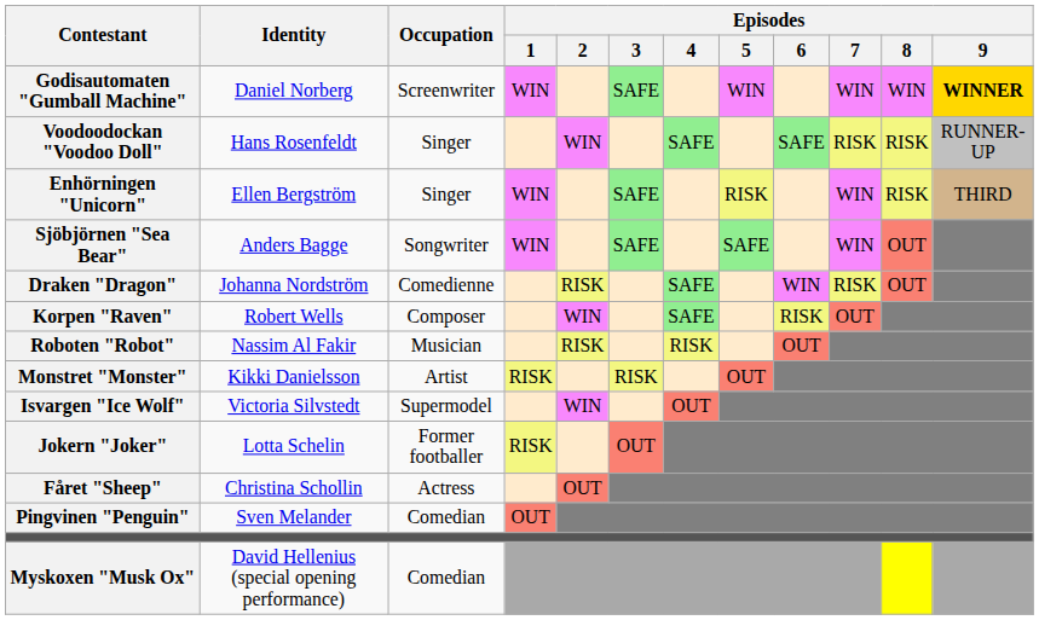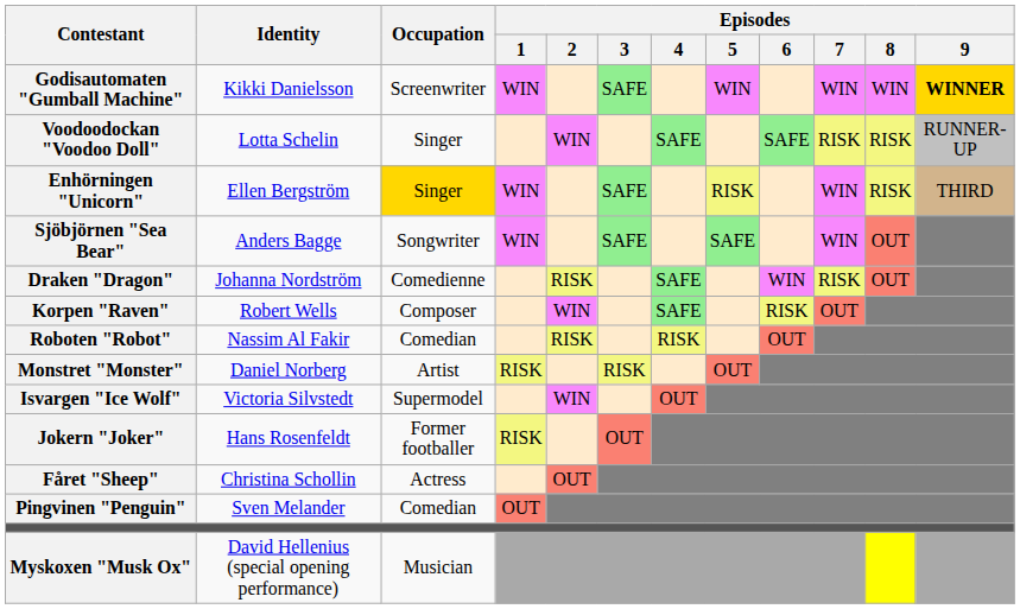 <table class="wikitable plainrowheaders" style="text-align: center;">
 <tr>
 <th rowspan="2">Contestant</th>
 <th rowspan="2">Identity</th>
 <th rowspan="2">Occupation</th>
 <th colspan="9">Episodes</th>
 </tr>
 <tr>
 <th rowspan="1">1</th>
 <th rowspan="1">2</th>
 <th rowspan="1">3</th>
 <th rowspan="1">4</th>
 <th rowspan="1">5</th>
 <th rowspan="1">6</th>
 <th rowspan="1">7</th>
 <th rowspan="1">8</th>
 <th rowspan="1">9</th>
 </tr>
 <tr>
 <th>Godisautomaten "Gumball Machine"</th>
-<td><a href='#'>Daniel Norberg</a></td>
+<td><a href='#'>Kikki Danielsson</a></td>
 <td>Screenwriter</td>
 <td bgcolor="F888FD">WIN</td>
 <td bgcolor=#FFEBCD></td>
 <td bgcolor=lightgreen>SAFE</td>
 <td bgcolor=#FFEBCD></td>
 <td bgcolor= "F888FD">WIN</td>
 <td bgcolor=#FFEBCD></td>
 <td bgcolor= "F888FD">WIN</td>
 <td bgcolor= "F888FD">WIN</td>
 <td bgcolor=gold><strong>WINNER</strong></td>
 </tr>
 <tr>
 <th>Voodoodockan "Voodoo Doll"</th>
-<td><a href='#'>Hans Rosenfeldt</a></td>
+<td><a href='#'>Lotta Schelin</a></td>
 <td>Singer</td>
 <td bgcolor=#FFEBCD></td>
 <td bgcolor="F888FD">WIN</td>
 <td bgcolor=#FFEBCD></td>
 <td bgcolor=lightgreen>SAFE</td>
 <td bgcolor=#FFEBCD></td>
 <td bgcolor=lightgreen>SAFE</td>
 <td bgcolor="F3F781">RISK</td>
 <td bgcolor="F3F781">RISK</td>
 <td bgcolor=silver>RUNNER-UP</td>
 </tr>
 <tr>
 <th>Enhörningen "Unicorn"</th>
 <td><a href='#'>Ellen Bergström</a></td>
-<td>Singer</td>
+<td style="background: gold;">Singer</td>
 <td bgcolor="F888FD">WIN</td>
 <td bgcolor=#FFEBCD></td>
 <td bgcolor="lightgreen">SAFE</td>
 <td bgcolor=#FFEBCD></td>
 <td bgcolor="#F3F781">RISK</td>
 <td bgcolor=#FFEBCD></td>
 <td bgcolor= "#F888FD">WIN</td>
 <td bgcolor="#F3F781">RISK</td>
 <td bgcolor=tan>THIRD</td>
 </tr>
 <tr>
 <th>Sjöbjörnen "Sea Bear"</th>
 <td><a href='#'>Anders Bagge</a></td>
 <td>Songwriter</td>
 <td bgcolor="#F888FD">WIN</td>
 <td bgcolor=#FFEBCD></td>
 <td bgcolor=lightgreen>SAFE</td>
 <td bgcolor=#FFEBCD></td>
 <td bgcolor=lightgreen>SAFE</td>
 <td bgcolor=#FFEBCD></td>
 <td bgcolor="#F888FD">WIN</td>
 <td bgcolor=salmon>OUT</td>
 <td colspan="1" bgcolor=grey></td>
 </tr>
 <tr>
 <th>Draken "Dragon"</th>
 <td><a href='#'>Johanna Nordström</a></td>
 <td>Comedienne</td>
 <td bgcolor=#FFEBCD></td>
 <td bgcolor= "#F3F781">RISK</td>
 <td bgcolor=#FFEBCD></td>
 <td bgcolor=lightgreen>SAFE</td>
 <td bgcolor=#FFEBCD></td>
 <td bgcolor="#F888FD">WIN</td>
 <td bgcolor="#F3F781">RISK</td>
 <td bgcolor=salmon>OUT</td>
 <td colspan="1" bgcolor=grey></td>
 </tr>
 <tr>
 <th>Korpen "Raven"</th>
 <td><a href='#'>Robert Wells</a></td>
 <td>Composer</td>
 <td bgcolor=#FFEBCD></td>
 <td bgcolor="#F888FD">WIN</td>
 <td bgcolor=#FFEBCD></td>
 <td bgcolor="lightgreen">SAFE</td>
 <td bgcolor=#FFEBCD></td>
 <td bgcolor="#F3F781">RISK</td>
 <td bgcolor=salmon>OUT</td>
 <td colspan="2" bgcolor=grey></td>
 </tr>
 <tr>
 <th>Roboten "Robot"</th>
 <td><a href='#'>Nassim Al Fakir</a></td>
-<td>Musician</td>
+<td>Comedian</td>
 <td bgcolor=#FFEBCD></td>
 <td bgcolor="#F3F781">RISK</td>
 <td bgcolor=#FFEBCD></td>
 <td bgcolor="#F3F781">RISK</td>
 <td bgcolor=#FFEBCD></td>
 <td bgcolor=salmon>OUT</td>
 <td colspan="3" bgcolor=grey></td>
 </tr>
 <tr>
 <th>Monstret "Monster"</th>
-<td><a href='#'>Kikki Danielsson</a></td>
+<td><a href='#'>Daniel Norberg</a></td>
 <td>Artist</td>
 <td bgcolor="#F3F781">RISK</td>
 <td bgcolor=#FFEBCD></td>
 <td bgcolor="#F3F781">RISK</td>
 <td bgcolor=#FFEBCD></td>
 <td bgcolor=salmon>OUT</td>
 <td colspan="4" bgcolor=grey></td>
 </tr>
 <tr>
 <th>Isvargen "Ice Wolf"</th>
 <td><a href='#'>Victoria Silvstedt</a></td>
 <td>Supermodel</td>
 <td bgcolor=#FFEBCD></td>
 <td bgcolor="#F888FD">WIN</td>
 <td bgcolor=#FFEBCD></td>
 <td bgcolor=salmon>OUT</td>
 <td colspan="5" bgcolor=grey></td>
 </tr>
 <tr>
 <th>Jokern "Joker"</th>
-<td><a href='#'>Lotta Schelin</a></td>
+<td><a href='#'>Hans Rosenfeldt</a></td>
 <td>Former footballer</td>
 <td bgcolor="#F3F781">RISK</td>
 <td bgcolor=#FFEBCD></td>
 <td bgcolor=salmon>OUT</td>
 <td colspan="6" bgcolor=grey></td>
 </tr>
 <tr>
 <th>Fåret "Sheep"</th>
 <td><a href='#'>Christina Schollin</a></td>
 <td>Actress</td>
 <td bgcolor=#FFEBCD></td>
 <td bgcolor=salmon>OUT</td>
 <td colspan="7" bgcolor=grey></td>
 </tr>
 <tr>
 <th>Pingvinen "Penguin"</th>
 <td><a href='#'>Sven Melander</a></td>
 <td>Comedian</td>
 <td bgcolor=salmon>OUT</td>
 <td colspan="8" bgcolor=grey></td>
 </tr>
 <tr>
 <td colspan=12 style="background:#555555;"></td>
 </tr>
 <tr>
 <th>Myskoxen "Musk Ox"</th>
 <td><a href='#'>David Hellenius</a> (special opening performance)</td>
-<td>Comedian</td>
+<td>Musician</td>
 <td colspan="7" bgcolor="darkgrey"></td>
 <td bgcolor="yellow"></td>
 <td colspan="2" bgcolor=darkgray></td>
 </tr>
 </table>
